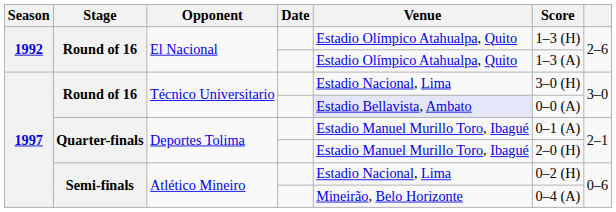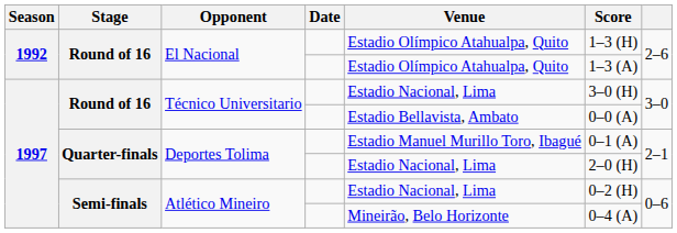 <table class="wikitable plainrowheaders">
 <tr>
 <th>Season</th>
 <th>Stage</th>
 <th scope="col">Opponent</th>
 <th scope="col">Date</th>
 <th scope="col">Venue</th>
 <th scope="col">Score</th>
 <th scope="col"></th>
 </tr>
 <tr>
 <th scope=row rowspan="2"><a href='#'>1992</a></th>
 <th scope=row rowspan="2">Round of 16</th>
 <td rowspan="2"> <a href='#'>El Nacional</a></td>
 <td></td>
 <td><a href='#'>Estadio Olímpico Atahualpa</a>, <a href='#'>Quito</a></td>
 <td align=center>1–3 (H)</td>
 <td rowspan="2" align=center>2–6</td>
 </tr>
 <tr>
 <td></td>
 <td><a href='#'>Estadio Olímpico Atahualpa</a>, <a href='#'>Quito</a></td>
 <td align=center>1–3 (A)</td>
 </tr>
 <tr>
 <th scope=row rowspan="6"><a href='#'>1997</a></th>
 <th scope=row rowspan="2">Round of 16</th>
 <td rowspan="2"> <a href='#'>Técnico Universitario</a></td>
 <td></td>
 <td><a href='#'>Estadio Nacional</a>, <a href='#'>Lima</a></td>
 <td align=center>3–0 (H)</td>
 <td rowspan="2" align=center>3–0</td>
 </tr>
 <tr>
 <td></td>
-<td style="background: lavender;"><a href='#'>Estadio Bellavista</a>, <a href='#'>Ambato</a></td>
+<td><a href='#'>Estadio Bellavista</a>, <a href='#'>Ambato</a></td>
 <td align=center>0–0 (A)</td>
 </tr>
 <tr>
 <th scope=row rowspan="2">Quarter-finals</th>
 <td rowspan="2"> <a href='#'>Deportes Tolima</a></td>
 <td></td>
 <td><a href='#'>Estadio Manuel Murillo Toro</a>, <a href='#'>Ibagué</a></td>
 <td align=center>0–1 (A)</td>
 <td rowspan="2" align=center>2–1</td>
 </tr>
 <tr>
 <td></td>
-<td><a href='#'>Estadio Manuel Murillo Toro</a>, <a href='#'>Ibagué</a></td>
+<td><a href='#'>Estadio Nacional</a>, <a href='#'>Lima</a></td>
 <td align=center>2–0 (H)</td>
 </tr>
 <tr>
 <th scope=row rowspan="2">Semi-finals</th>
 <td rowspan="2"> <a href='#'>Atlético Mineiro</a></td>
 <td></td>
 <td><a href='#'>Estadio Nacional</a>, <a href='#'>Lima</a></td>
 <td align=center>0–2 (H)</td>
 <td rowspan="2" align=center>0–6</td>
 </tr>
 <tr>
 <td></td>
 <td><a href='#'>Mineirão</a>, <a href='#'>Belo Horizonte</a></td>
 <td align=center>0–4 (A)</td>
 </tr>
 </table>
